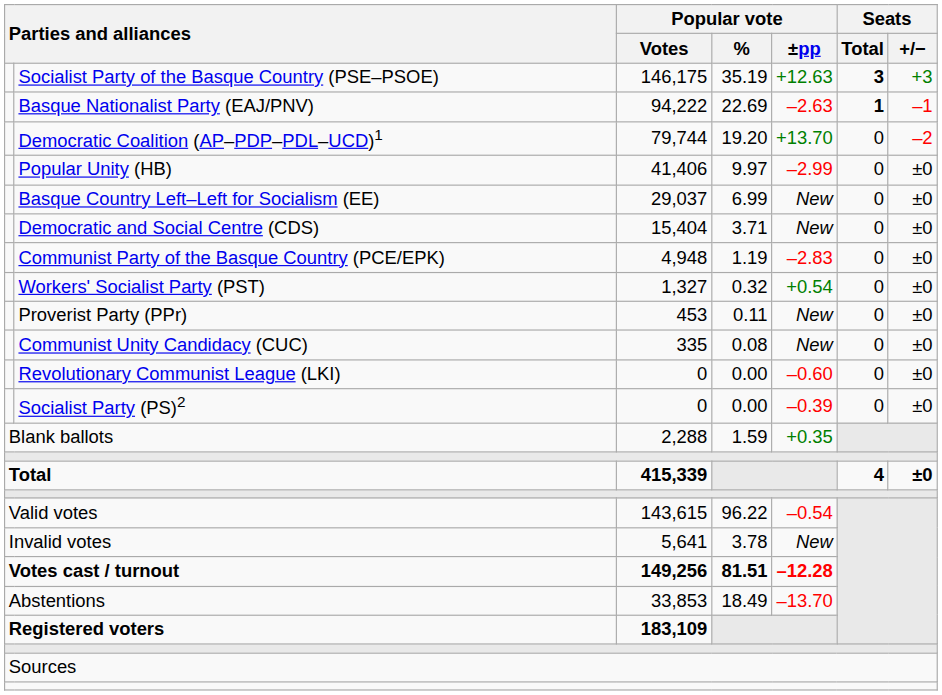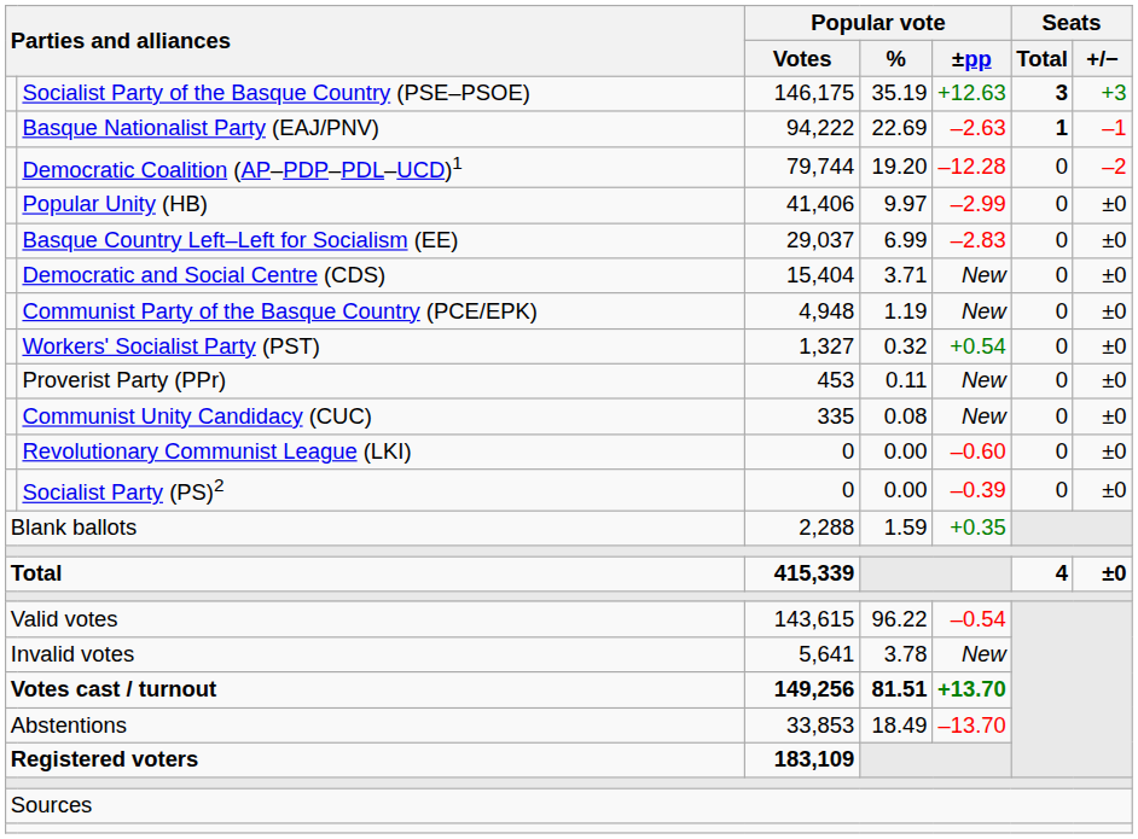 <table class="wikitable" style="text-align:right;">
 <tr>
 <th style="text-align:left;" rowspan="2" colspan="2" width="525">Parties and alliances</th>
 <th colspan="3">Popular vote</th>
 <th colspan="2">Seats</th>
 </tr>
 <tr>
 <th width="75">Votes</th>
 <th width="45">%</th>
 <th width="45">±<a href='#'>pp</a></th>
 <th width="35">Total</th>
 <th width="35">+/−</th>
 </tr>
 <tr>
 <td width="1" style="color:inherit;background:"></td>
 <td align="left"><a href='#'>Socialist Party of the Basque Country</a> (PSE–PSOE)</td>
 <td>146,175</td>
 <td>35.19</td>
 <td style="color:green;">+12.63</td>
 <td><strong>3</strong></td>
 <td style="color:green;">+3</td>
 </tr>
 <tr>
 <td style="color:inherit;background:"></td>
 <td align="left"><a href='#'>Basque Nationalist Party</a> (EAJ/PNV)</td>
 <td>94,222</td>
 <td>22.69</td>
 <td style="color:red;">–2.63</td>
 <td><strong>1</strong></td>
 <td style="color:red;">–1</td>
 </tr>
 <tr>
 <td style="color:inherit;background:"></td>
 <td align="left"><a href='#'>Democratic Coalition</a> (<a href='#'>AP</a>–<a href='#'>PDP</a>–<a href='#'>PDL</a>–<a href='#'>UCD</a>)<sup>1</sup></td>
 <td>79,744</td>
 <td>19.20</td>
-<td style="color:green;">+13.70</td>
+<td style="color:red;">–12.28</td>
 <td>0</td>
 <td style="color:red;">–2</td>
 </tr>
 <tr>
 <td style="color:inherit;background:"></td>
 <td align="left"><a href='#'>Popular Unity</a> (HB)</td>
 <td>41,406</td>
 <td>9.97</td>
 <td style="color:red;">–2.99</td>
 <td>0</td>
 <td>±0</td>
 </tr>
 <tr>
 <td style="color:inherit;background:"></td>
 <td align="left"><a href='#'>Basque Country Left–Left for Socialism</a> (EE)</td>
 <td>29,037</td>
 <td>6.99</td>
-<td><em>New</em></td>
+<td style="color:red;">–2.83</td>
 <td>0</td>
 <td>±0</td>
 </tr>
 <tr>
 <td style="color:inherit;background:"></td>
 <td align="left"><a href='#'>Democratic and Social Centre</a> (CDS)</td>
 <td>15,404</td>
 <td>3.71</td>
 <td><em>New</em></td>
 <td>0</td>
 <td>±0</td>
 </tr>
 <tr>
 <td style="color:inherit;background:"></td>
 <td align="left"><a href='#'>Communist Party of the Basque Country</a> (PCE/EPK)</td>
 <td>4,948</td>
 <td>1.19</td>
-<td style="color:red;">–2.83</td>
+<td><em>New</em></td>
 <td>0</td>
 <td>±0</td>
 </tr>
 <tr>
 <td style="color:inherit;background:"></td>
 <td align="left"><a href='#'>Workers' Socialist Party</a> (PST)</td>
 <td>1,327</td>
 <td>0.32</td>
 <td style="color:green;">+0.54</td>
 <td>0</td>
 <td>±0</td>
 </tr>
 <tr>
 <td style="color:inherit;background:"></td>
 <td align="left">Proverist Party (PPr)</td>
 <td>453</td>
 <td>0.11</td>
 <td><em>New</em></td>
 <td>0</td>
 <td>±0</td>
 </tr>
 <tr>
 <td style="color:inherit;background:"></td>
 <td align="left"><a href='#'>Communist Unity Candidacy</a> (CUC)</td>
 <td>335</td>
 <td>0.08</td>
 <td><em>New</em></td>
 <td>0</td>
 <td>±0</td>
 </tr>
 <tr>
 <td style="color:inherit;background:"></td>
 <td align="left"><a href='#'>Revolutionary Communist League</a> (LKI)</td>
 <td>0</td>
 <td>0.00</td>
 <td style="color:red;">–0.60</td>
 <td>0</td>
 <td>±0</td>
 </tr>
 <tr>
 <td style="color:inherit;background:"></td>
 <td align="left"><a href='#'>Socialist Party</a> (PS)<sup>2</sup></td>
 <td>0</td>
 <td>0.00</td>
 <td style="color:red;">–0.39</td>
 <td>0</td>
 <td>±0</td>
 </tr>
 <tr>
 <td align="left" colspan="2">Blank ballots</td>
 <td>2,288</td>
 <td>1.59</td>
 <td style="color:green;">+0.35</td>
 <td bgcolor="#E9E9E9" colspan="2"></td>
 </tr>
 <tr>
 <td colspan="7" bgcolor="#E9E9E9"></td>
 </tr>
 <tr style="font-weight:bold;">
 <td align="left" colspan="2">Total</td>
 <td>415,339</td>
 <td bgcolor="#E9E9E9" colspan="2"></td>
 <td>4</td>
 <td>±0</td>
 </tr>
 <tr>
 <td colspan="7" bgcolor="#E9E9E9"></td>
 </tr>
 <tr>
 <td align="left" colspan="2">Valid votes</td>
 <td>143,615</td>
 <td>96.22</td>
 <td style="color:red;">–0.54</td>
 <td bgcolor="#E9E9E9" colspan="2" rowspan="5"></td>
 </tr>
 <tr>
 <td align="left" colspan="2">Invalid votes</td>
 <td>5,641</td>
 <td>3.78</td>
 <td><em>New</em></td>
 </tr>
 <tr style="font-weight:bold;">
 <td align="left" colspan="2">Votes cast / turnout</td>
 <td>149,256</td>
 <td>81.51</td>
-<td style="color:red;">–12.28</td>
+<td style="color:green;">+13.70</td>
 </tr>
 <tr>
 <td align="left" colspan="2">Abstentions</td>
 <td>33,853</td>
 <td>18.49</td>
 <td style="color:red;">–13.70</td>
 </tr>
 <tr style="font-weight:bold;">
 <td align="left" colspan="2">Registered voters</td>
 <td>183,109</td>
 <td bgcolor="#E9E9E9" colspan="2"></td>
 </tr>
 <tr>
 <td colspan="7" bgcolor="#E9E9E9"></td>
 </tr>
 <tr>
 <td align="left" colspan="7">Sources</td>
 </tr>
 <tr>
 <td colspan="7" style="text-align:left; max-width:790px;"></td>
 </tr>
 </table>
